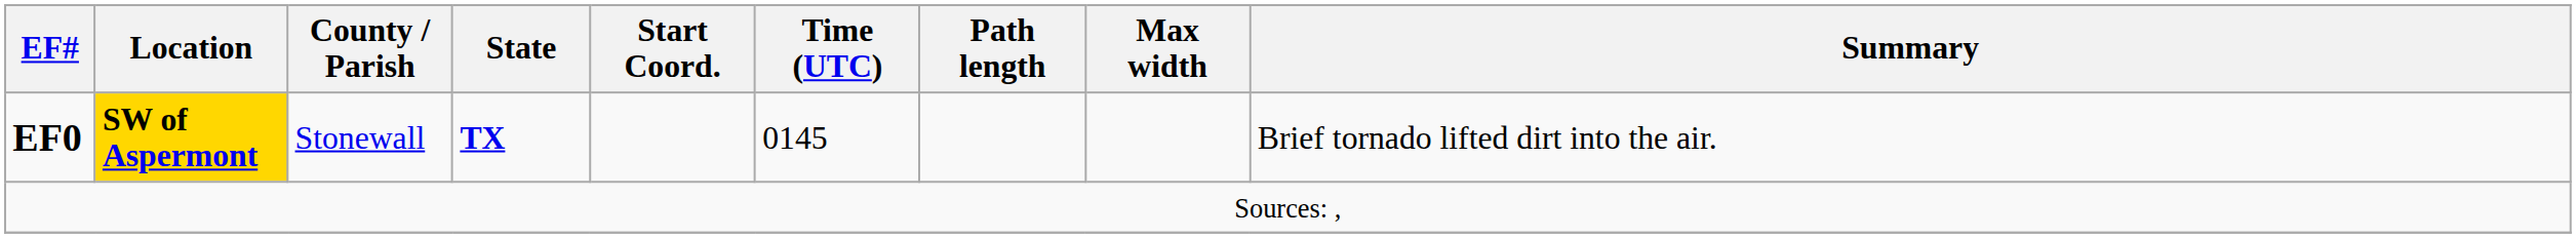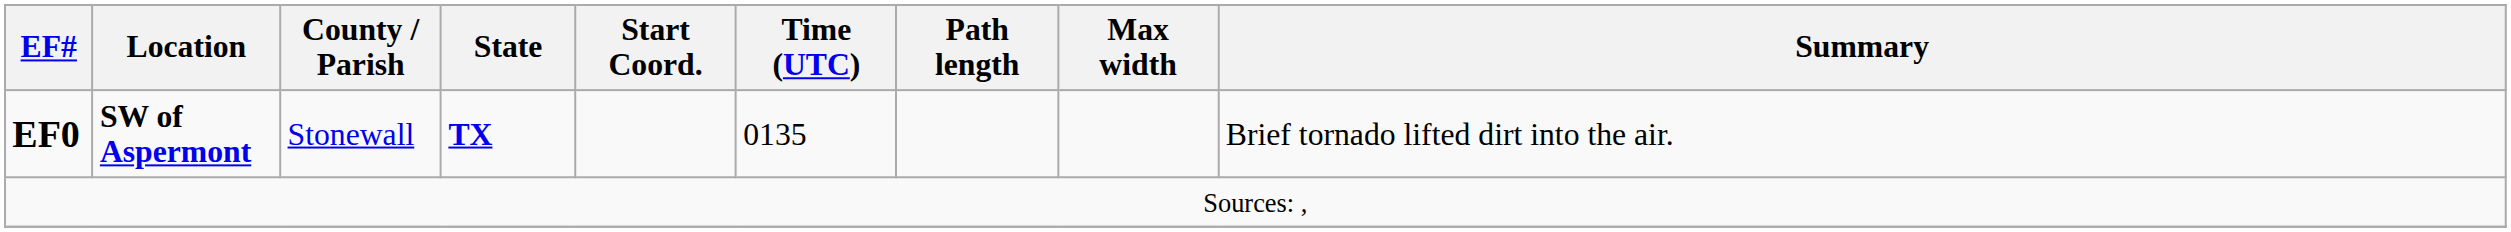 <table class="wikitable collapsible" width="100%">
 <tr>
 <th scope="col"  style="width:3%; text-align:center;"><a href='#'>EF#</a></th>
 <th scope="col"  style="width:7%; text-align:center;" class="unsortable">Location</th>
 <th scope="col"  style="width:6%; text-align:center;" class="unsortable">County / Parish</th>
 <th scope="col"  style="width:5%; text-align:center;">State</th>
 <th scope="col"  style="width:6%; text-align:center;">Start Coord.</th>
 <th scope="col"  style="width:6%; text-align:center;">Time (<a href='#'>UTC</a>)</th>
 <th scope="col"  style="width:6%; text-align:center;">Path length</th>
 <th scope="col"  style="width:6%; text-align:center;">Max width</th>
 <th scope="col" class="unsortable" style="width:48%; text-align:center;">Summary</th>
 </tr>
 <tr>
 <td><big><strong>EF0</strong></big></td>
-<td style="background: gold;"><strong>SW of <a href='#'>Aspermont</a></strong></td>
+<td><strong>SW of <a href='#'>Aspermont</a></strong></td>
 <td><a href='#'>Stonewall</a></td>
 <td><strong><a href='#'>TX</a></strong></td>
 <td></td>
-<td>0145</td>
+<td>0135</td>
 <td></td>
 <td></td>
 <td>Brief tornado lifted dirt into the air.</td>
 </tr>
 <tr>
 <td colspan="9" align=center><small>Sources: , </small></td>
 </tr>
 <tr>
 </tr>
 </table>
